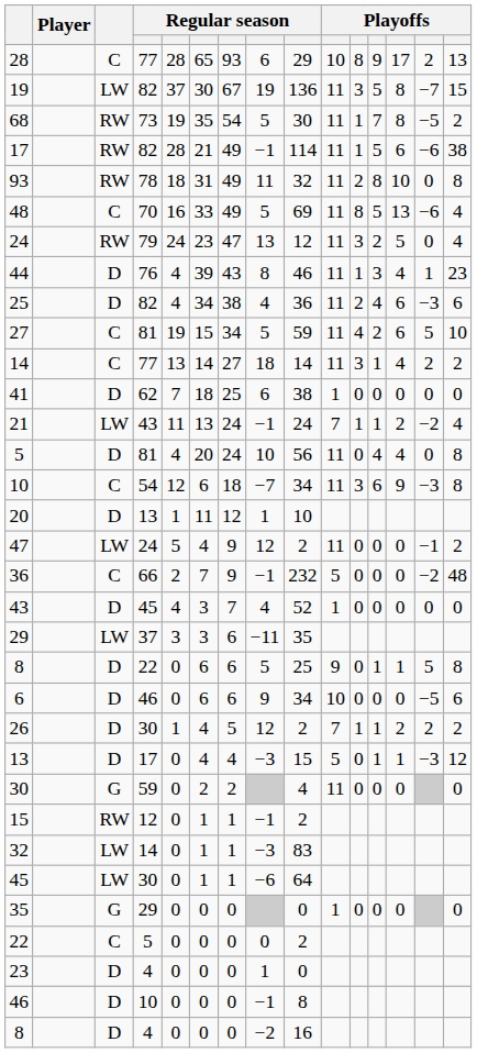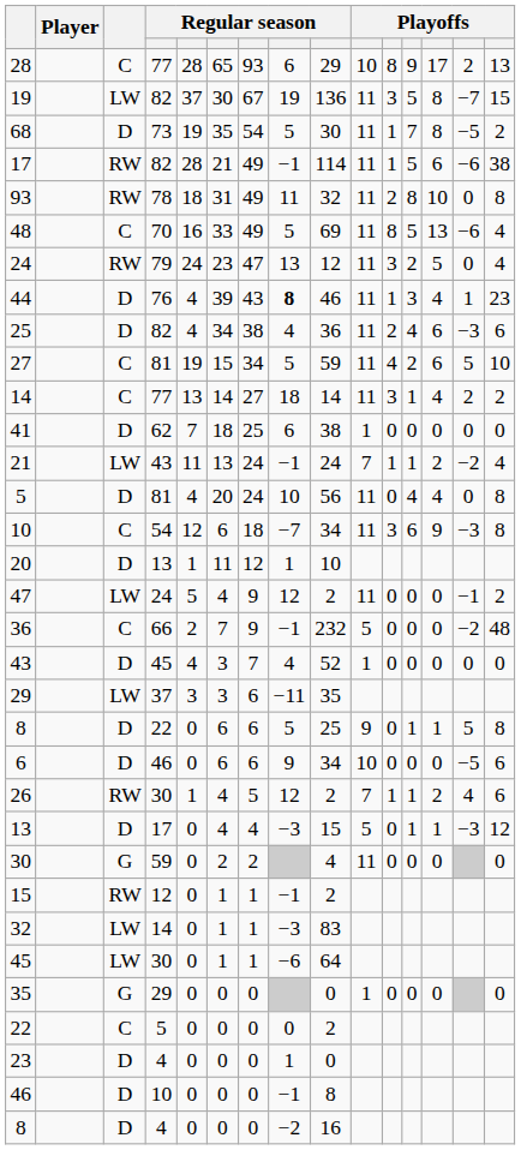 <table class="wikitable sortable plainrowheaders" style="text-align:center;">
 <tr>
 <th scope="col" data-sort-type="number" rowspan="2"></th>
 <th scope="col" rowspan="2">Player</th>
 <th scope="col" rowspan="2"></th>
 <th scope=colgroup colspan=6>Regular season</th>
 <th scope=colgroup colspan=6>Playoffs</th>
 </tr>
 <tr>
 <th scope="col" data-sort-type="number"></th>
 <th scope="col" data-sort-type="number"></th>
 <th scope="col" data-sort-type="number"></th>
 <th scope="col" data-sort-type="number"></th>
 <th scope="col" data-sort-type="number"></th>
 <th scope="col" data-sort-type="number"></th>
 <th scope="col" data-sort-type="number"></th>
 <th scope="col" data-sort-type="number"></th>
 <th scope="col" data-sort-type="number"></th>
 <th scope="col" data-sort-type="number"></th>
 <th scope="col" data-sort-type="number"></th>
 <th scope="col" data-sort-type="number"></th>
 </tr>
 <tr>
 <td scope="row">28</td>
 <td align="left"></td>
 <td>C</td>
 <td>77</td>
 <td>28</td>
 <td>65</td>
 <td>93</td>
 <td>6</td>
 <td>29</td>
 <td>10</td>
 <td>8</td>
 <td>9</td>
 <td>17</td>
 <td>2</td>
 <td>13</td>
 </tr>
 <tr>
 <td scope="row">19</td>
 <td align="left"></td>
 <td>LW</td>
 <td>82</td>
 <td>37</td>
 <td>30</td>
 <td>67</td>
 <td>19</td>
 <td>136</td>
 <td>11</td>
 <td>3</td>
 <td>5</td>
 <td>8</td>
 <td>−7</td>
 <td>15</td>
 </tr>
 <tr>
 <td scope="row">68</td>
 <td align="left"></td>
-<td>RW</td>
+<td>D</td>
 <td>73</td>
 <td>19</td>
 <td>35</td>
 <td>54</td>
 <td>5</td>
 <td>30</td>
 <td>11</td>
 <td>1</td>
 <td>7</td>
 <td>8</td>
 <td>−5</td>
 <td>2</td>
 </tr>
 <tr>
 <td scope="row">17</td>
 <td align="left"></td>
 <td>RW</td>
 <td>82</td>
 <td>28</td>
 <td>21</td>
 <td>49</td>
 <td>−1</td>
 <td>114</td>
 <td>11</td>
 <td>1</td>
 <td>5</td>
 <td>6</td>
 <td>−6</td>
 <td>38</td>
 </tr>
 <tr>
 <td scope="row">93</td>
 <td align="left"></td>
 <td>RW</td>
 <td>78</td>
 <td>18</td>
 <td>31</td>
 <td>49</td>
 <td>11</td>
 <td>32</td>
 <td>11</td>
 <td>2</td>
 <td>8</td>
 <td>10</td>
 <td>0</td>
 <td>8</td>
 </tr>
 <tr>
 <td scope="row">48</td>
 <td align="left"></td>
 <td>C</td>
 <td>70</td>
 <td>16</td>
 <td>33</td>
 <td>49</td>
 <td>5</td>
 <td>69</td>
 <td>11</td>
 <td>8</td>
 <td>5</td>
 <td>13</td>
 <td>−6</td>
 <td>4</td>
 </tr>
 <tr>
 <td scope="row">24</td>
 <td align="left"></td>
 <td>RW</td>
 <td>79</td>
 <td>24</td>
 <td>23</td>
 <td>47</td>
 <td>13</td>
 <td>12</td>
 <td>11</td>
 <td>3</td>
 <td>2</td>
 <td>5</td>
 <td>0</td>
 <td>4</td>
 </tr>
 <tr>
 <td scope="row">44</td>
 <td align="left"></td>
 <td>D</td>
 <td>76</td>
 <td>4</td>
 <td>39</td>
 <td>43</td>
-<td>8</td>
+<td><strong>8</strong></td>
 <td>46</td>
 <td>11</td>
 <td>1</td>
 <td>3</td>
 <td>4</td>
 <td>1</td>
 <td>23</td>
 </tr>
 <tr>
 <td scope="row">25</td>
 <td align="left"></td>
 <td>D</td>
 <td>82</td>
 <td>4</td>
 <td>34</td>
 <td>38</td>
 <td>4</td>
 <td>36</td>
 <td>11</td>
 <td>2</td>
 <td>4</td>
 <td>6</td>
 <td>−3</td>
 <td>6</td>
 </tr>
 <tr>
 <td scope="row">27</td>
 <td align="left"></td>
 <td>C</td>
 <td>81</td>
 <td>19</td>
 <td>15</td>
 <td>34</td>
 <td>5</td>
 <td>59</td>
 <td>11</td>
 <td>4</td>
 <td>2</td>
 <td>6</td>
 <td>5</td>
 <td>10</td>
 </tr>
 <tr>
 <td scope="row">14</td>
 <td align="left"></td>
 <td>C</td>
 <td>77</td>
 <td>13</td>
 <td>14</td>
 <td>27</td>
 <td>18</td>
 <td>14</td>
 <td>11</td>
 <td>3</td>
 <td>1</td>
 <td>4</td>
 <td>2</td>
 <td>2</td>
 </tr>
 <tr>
 <td scope="row">41</td>
 <td align="left"></td>
 <td>D</td>
 <td>62</td>
 <td>7</td>
 <td>18</td>
 <td>25</td>
 <td>6</td>
 <td>38</td>
 <td>1</td>
 <td>0</td>
 <td>0</td>
 <td>0</td>
 <td>0</td>
 <td>0</td>
 </tr>
 <tr>
 <td scope="row">21</td>
 <td align="left"></td>
 <td>LW</td>
 <td>43</td>
 <td>11</td>
 <td>13</td>
 <td>24</td>
 <td>−1</td>
 <td>24</td>
 <td>7</td>
 <td>1</td>
 <td>1</td>
 <td>2</td>
 <td>−2</td>
 <td>4</td>
 </tr>
 <tr>
 <td scope="row">5</td>
 <td align="left"></td>
 <td>D</td>
 <td>81</td>
 <td>4</td>
 <td>20</td>
 <td>24</td>
 <td>10</td>
 <td>56</td>
 <td>11</td>
 <td>0</td>
 <td>4</td>
 <td>4</td>
 <td>0</td>
 <td>8</td>
 </tr>
 <tr>
 <td scope="row">10</td>
 <td align="left"></td>
 <td>C</td>
 <td>54</td>
 <td>12</td>
 <td>6</td>
 <td>18</td>
 <td>−7</td>
 <td>34</td>
 <td>11</td>
 <td>3</td>
 <td>6</td>
 <td>9</td>
 <td>−3</td>
 <td>8</td>
 </tr>
 <tr>
 <td scope="row">20</td>
 <td align="left"></td>
 <td>D</td>
 <td>13</td>
 <td>1</td>
 <td>11</td>
 <td>12</td>
 <td>1</td>
 <td>10</td>
 <td></td>
 <td></td>
 <td></td>
 <td></td>
 <td></td>
 <td></td>
 </tr>
 <tr>
 <td scope="row">47</td>
 <td align="left"></td>
 <td>LW</td>
 <td>24</td>
 <td>5</td>
 <td>4</td>
 <td>9</td>
 <td>12</td>
 <td>2</td>
 <td>11</td>
 <td>0</td>
 <td>0</td>
 <td>0</td>
 <td>−1</td>
 <td>2</td>
 </tr>
 <tr>
 <td scope="row">36</td>
 <td align="left"></td>
 <td>C</td>
 <td>66</td>
 <td>2</td>
 <td>7</td>
 <td>9</td>
 <td>−1</td>
 <td>232</td>
 <td>5</td>
 <td>0</td>
 <td>0</td>
 <td>0</td>
 <td>−2</td>
 <td>48</td>
 </tr>
 <tr>
 <td scope="row">43</td>
 <td align="left"></td>
 <td>D</td>
 <td>45</td>
 <td>4</td>
 <td>3</td>
 <td>7</td>
 <td>4</td>
 <td>52</td>
 <td>1</td>
 <td>0</td>
 <td>0</td>
 <td>0</td>
 <td>0</td>
 <td>0</td>
 </tr>
 <tr>
 <td scope="row">29</td>
 <td align="left"></td>
 <td>LW</td>
 <td>37</td>
 <td>3</td>
 <td>3</td>
 <td>6</td>
 <td>−11</td>
 <td>35</td>
 <td></td>
 <td></td>
 <td></td>
 <td></td>
 <td></td>
 <td></td>
 </tr>
 <tr>
 <td scope="row">8</td>
 <td align="left"></td>
 <td>D</td>
 <td>22</td>
 <td>0</td>
 <td>6</td>
 <td>6</td>
 <td>5</td>
 <td>25</td>
 <td>9</td>
 <td>0</td>
 <td>1</td>
 <td>1</td>
 <td>5</td>
 <td>8</td>
 </tr>
 <tr>
 <td scope="row">6</td>
 <td align="left"></td>
 <td>D</td>
 <td>46</td>
 <td>0</td>
 <td>6</td>
 <td>6</td>
 <td>9</td>
 <td>34</td>
 <td>10</td>
 <td>0</td>
 <td>0</td>
 <td>0</td>
 <td>−5</td>
 <td>6</td>
 </tr>
 <tr>
 <td scope="row">26</td>
 <td align="left"></td>
-<td>D</td>
+<td>RW</td>
 <td>30</td>
 <td>1</td>
 <td>4</td>
 <td>5</td>
 <td>12</td>
 <td>2</td>
 <td>7</td>
 <td>1</td>
 <td>1</td>
 <td>2</td>
-<td>2</td>
-<td>2</td>
+<td>4</td>
+<td>6</td>
 </tr>
 <tr>
 <td scope="row">13</td>
 <td align="left"></td>
 <td>D</td>
 <td>17</td>
 <td>0</td>
 <td>4</td>
 <td>4</td>
 <td>−3</td>
 <td>15</td>
 <td>5</td>
 <td>0</td>
 <td>1</td>
 <td>1</td>
 <td>−3</td>
 <td>12</td>
 </tr>
 <tr>
 <td scope="row">30</td>
 <td align="left"></td>
 <td>G</td>
 <td>59</td>
 <td>0</td>
 <td>2</td>
 <td>2</td>
 <td style="background:#ccc"></td>
 <td>4</td>
 <td>11</td>
 <td>0</td>
 <td>0</td>
 <td>0</td>
 <td style="background:#ccc"></td>
 <td>0</td>
 </tr>
 <tr>
 <td scope="row">15</td>
 <td align="left"></td>
 <td>RW</td>
 <td>12</td>
 <td>0</td>
 <td>1</td>
 <td>1</td>
 <td>−1</td>
 <td>2</td>
 <td></td>
 <td></td>
 <td></td>
 <td></td>
 <td></td>
 <td></td>
 </tr>
 <tr>
 <td scope="row">32</td>
 <td align="left"></td>
 <td>LW</td>
 <td>14</td>
 <td>0</td>
 <td>1</td>
 <td>1</td>
 <td>−3</td>
 <td>83</td>
 <td></td>
 <td></td>
 <td></td>
 <td></td>
 <td></td>
 <td></td>
 </tr>
 <tr>
 <td scope="row">45</td>
 <td align="left"></td>
 <td>LW</td>
 <td>30</td>
 <td>0</td>
 <td>1</td>
 <td>1</td>
 <td>−6</td>
 <td>64</td>
 <td></td>
 <td></td>
 <td></td>
 <td></td>
 <td></td>
 <td></td>
 </tr>
 <tr>
 <td scope="row">35</td>
 <td align="left"></td>
 <td>G</td>
 <td>29</td>
 <td>0</td>
 <td>0</td>
 <td>0</td>
 <td style="background:#ccc"></td>
 <td>0</td>
 <td>1</td>
 <td>0</td>
 <td>0</td>
 <td>0</td>
 <td style="background:#ccc"></td>
 <td>0</td>
 </tr>
 <tr>
 <td scope="row">22</td>
 <td align="left"></td>
 <td>C</td>
 <td>5</td>
 <td>0</td>
 <td>0</td>
 <td>0</td>
 <td>0</td>
 <td>2</td>
 <td></td>
 <td></td>
 <td></td>
 <td></td>
 <td></td>
 <td></td>
 </tr>
 <tr>
 <td scope="row">23</td>
 <td align="left"></td>
 <td>D</td>
 <td>4</td>
 <td>0</td>
 <td>0</td>
 <td>0</td>
 <td>1</td>
 <td>0</td>
 <td></td>
 <td></td>
 <td></td>
 <td></td>
 <td></td>
 <td></td>
 </tr>
 <tr>
 <td scope="row">46</td>
 <td align="left"></td>
 <td>D</td>
 <td>10</td>
 <td>0</td>
 <td>0</td>
 <td>0</td>
 <td>−1</td>
 <td>8</td>
 <td></td>
 <td></td>
 <td></td>
 <td></td>
 <td></td>
 <td></td>
 </tr>
 <tr>
 <td scope="row">8</td>
 <td align="left"></td>
 <td>D</td>
 <td>4</td>
 <td>0</td>
 <td>0</td>
 <td>0</td>
 <td>−2</td>
 <td>16</td>
 <td></td>
 <td></td>
 <td></td>
 <td></td>
 <td></td>
 <td></td>
 </tr>
 </table>
